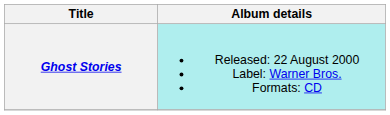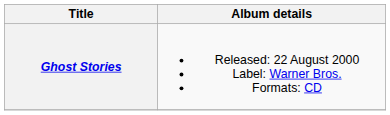 <table class="wikitable plainrowheaders" style="text-align:center">
 <tr>
 <th scope="col" rowspan="1" style="width:12em;">Title</th>
 <th scope="col" rowspan="1" style="width:18em;">Album details</th>
 </tr>
 <tr>
 <th scope="row"><em><a href='#'>Ghost Stories</a></em></th>
-<td style="background: paleturquoise;"><br><ul><li>Released: 22 August 2000</li><li>Label: <a href='#'>Warner Bros.</a></li><li>Formats: <a href='#'>CD</a></li></ul></td>
+<td><br><ul><li>Released: 22 August 2000</li><li>Label: <a href='#'>Warner Bros.</a></li><li>Formats: <a href='#'>CD</a></li></ul></td>
 </tr>
 <tr>
 </tr>
 </table>
